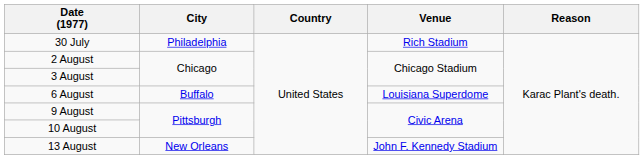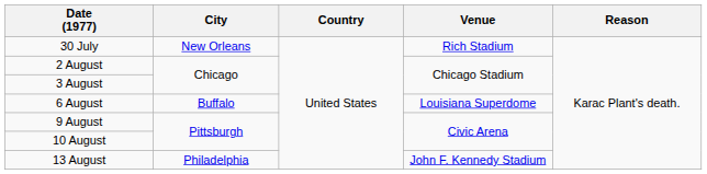 <table class="wikitable" style="text-align:center;">
 <tr>
 <th scope="col" style="width:12em;">Date<br>(1977)</th>
 <th scope="col" style="width:10em;">City</th>
 <th scope="col" style="width:10em;">Country</th>
 <th scope="col" style="width:12em;">Venue</th>
 <th scope="col" style="width:12em;">Reason</th>
 </tr>
 <tr>
 <td>30 July</td>
-<td><a href='#'>Philadelphia</a></td>
+<td><a href='#'>New Orleans</a></td>
 <td rowspan="7">United States</td>
 <td><a href='#'>Rich Stadium</a></td>
 <td rowspan="7">Karac Plant's death.</td>
 </tr>
 <tr>
 <td>2 August</td>
 <td rowspan="2">Chicago</td>
 <td rowspan="2">Chicago Stadium</td>
 </tr>
 <tr>
 <td>3 August</td>
 </tr>
 <tr>
 <td>6 August</td>
 <td><a href='#'>Buffalo</a></td>
 <td><a href='#'>Louisiana Superdome</a></td>
 </tr>
 <tr>
 <td>9 August</td>
 <td rowspan="2"><a href='#'>Pittsburgh</a></td>
 <td rowspan="2"><a href='#'>Civic Arena</a></td>
 </tr>
 <tr>
 <td>10 August</td>
 </tr>
 <tr>
 <td>13 August</td>
-<td><a href='#'>New Orleans</a></td>
+<td><a href='#'>Philadelphia</a></td>
 <td><a href='#'>John F. Kennedy Stadium</a></td>
 </tr>
 </table>
